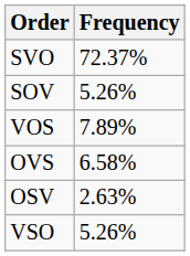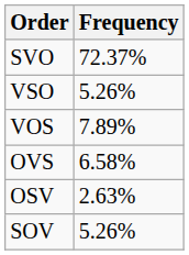 <table class="wikitable" style="display: inline-table; margin-top: 0;">
 <tr>
 <th>Order</th>
 <th>Frequency</th>
 </tr>
 <tr>
 <td>SVO</td>
 <td>72.37%</td>
 </tr>
 <tr>
-<td>SOV</td>
+<td>VSO</td>
 <td>5.26%</td>
 </tr>
 <tr>
 <td>VOS</td>
 <td>7.89%</td>
 </tr>
 <tr>
 <td>OVS</td>
 <td>6.58%</td>
 </tr>
 <tr>
 <td>OSV</td>
 <td>2.63%</td>
 </tr>
 <tr>
-<td>VSO</td>
+<td>SOV</td>
 <td>5.26%</td>
 </tr>
 </table>
